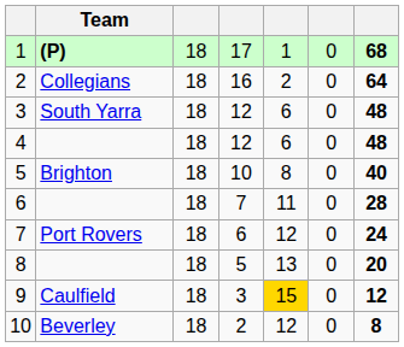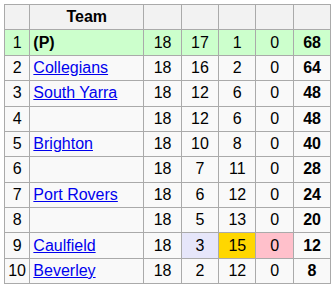 <table class="wikitable" style="text-align:center; margin-bottom:0">
 <tr>
 <th style="width:10px"></th>
 <th style="width:35%;">Team</th>
 <th style="width:30px;"></th>
 <th style="width:30px;"></th>
 <th style="width:30px;"></th>
 <th style="width:30px;"></th>
 <th style="width:30px;"></th>
 </tr>
 <tr style="background:#ccffcc;">
 <td>1</td>
 <td style="text-align:left;"> <strong>(P)</strong></td>
 <td>18</td>
 <td>17</td>
 <td>1</td>
 <td>0</td>
 <td><strong>68</strong></td>
 </tr>
 <tr>
 <td>2</td>
 <td style="text-align:left;"><a href='#'>Collegians</a></td>
 <td>18</td>
 <td>16</td>
 <td>2</td>
 <td>0</td>
 <td><strong>64</strong></td>
 </tr>
 <tr>
 <td>3</td>
 <td style="text-align:left;"><a href='#'>South Yarra</a></td>
 <td>18</td>
 <td>12</td>
 <td>6</td>
 <td>0</td>
 <td><strong>48</strong></td>
 </tr>
 <tr>
 <td>4</td>
 <td style="text-align:left;"></td>
 <td>18</td>
 <td>12</td>
 <td>6</td>
 <td>0</td>
 <td><strong>48</strong></td>
 </tr>
 <tr>
 <td>5</td>
 <td style="text-align:left;"><a href='#'>Brighton</a></td>
 <td>18</td>
 <td>10</td>
 <td>8</td>
 <td>0</td>
 <td><strong>40</strong></td>
 </tr>
 <tr>
 <td>6</td>
 <td style="text-align:left;"></td>
 <td>18</td>
 <td>7</td>
 <td>11</td>
 <td>0</td>
 <td><strong>28</strong></td>
 </tr>
 <tr>
 <td>7</td>
 <td style="text-align:left;"><a href='#'>Port Rovers</a></td>
 <td>18</td>
 <td>6</td>
 <td>12</td>
 <td>0</td>
 <td><strong>24</strong></td>
 </tr>
 <tr>
 <td>8</td>
 <td style="text-align:left;"></td>
 <td>18</td>
 <td>5</td>
 <td>13</td>
 <td>0</td>
 <td><strong>20</strong></td>
 </tr>
 <tr>
 <td>9</td>
 <td style="text-align:left;"><a href='#'>Caulfield</a></td>
 <td>18</td>
-<td>3</td>
+<td style="background: lavender;">3</td>
 <td style="background: gold;">15</td>
-<td>0</td>
+<td style="background: pink;">0</td>
 <td><strong>12</strong></td>
 </tr>
 <tr>
 <td>10</td>
 <td style="text-align:left;"><a href='#'>Beverley</a></td>
 <td>18</td>
 <td>2</td>
 <td>12</td>
 <td>0</td>
 <td><strong>8</strong></td>
 </tr>
 </table>
